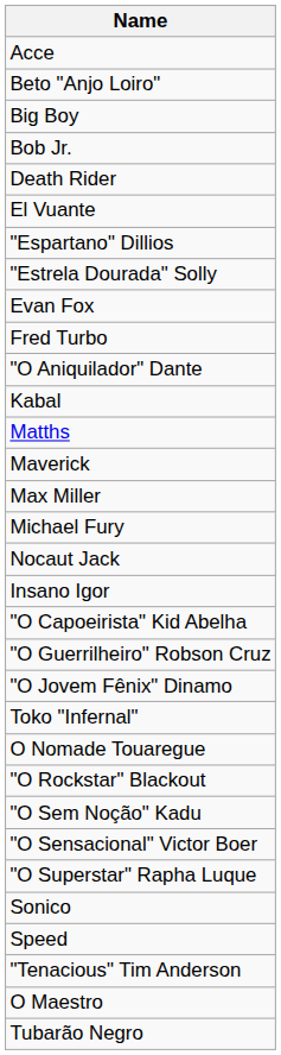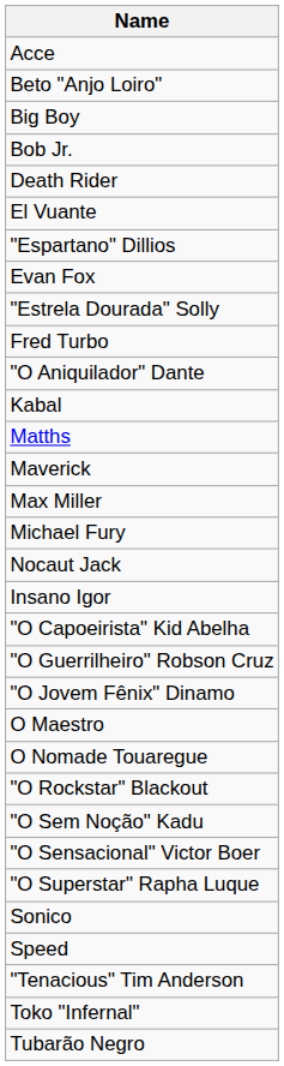 <table class="wikitable">
 <tr>
 <th>Name</th>
 </tr>
 <tr>
 <td>Acce</td>
 </tr>
 <tr>
 <td>Beto "Anjo Loiro"</td>
 </tr>
 <tr>
 <td>Big Boy</td>
 </tr>
 <tr>
 <td>Bob Jr.</td>
 </tr>
 <tr>
 <td>Death Rider</td>
 </tr>
 <tr>
 <td>El Vuante</td>
 </tr>
 <tr>
 <td>"Espartano" Dillios</td>
 </tr>
 <tr>
-<td>"Estrela Dourada" Solly</td>
+<td>Evan Fox</td>
 </tr>
 <tr>
-<td>Evan Fox</td>
+<td>"Estrela Dourada" Solly</td>
 </tr>
 <tr>
 <td>Fred Turbo</td>
 </tr>
 <tr>
 <td>"O Aniquilador" Dante</td>
 </tr>
 <tr>
 <td>Kabal</td>
 </tr>
 <tr>
 <td><a href='#'>Matths</a></td>
 </tr>
 <tr>
 <td>Maverick</td>
 </tr>
 <tr>
 <td>Max Miller</td>
 </tr>
 <tr>
 <td>Michael Fury</td>
 </tr>
 <tr>
 <td>Nocaut Jack</td>
 </tr>
 <tr>
 <td>Insano Igor</td>
 </tr>
 <tr>
 <td>"O Capoeirista" Kid Abelha</td>
 </tr>
 <tr>
 <td>"O Guerrilheiro" Robson Cruz</td>
 </tr>
 <tr>
 <td>"O Jovem Fênix" Dinamo</td>
 </tr>
 <tr>
-<td>Toko "Infernal"</td>
+<td>O Maestro</td>
 </tr>
 <tr>
 <td>O Nomade Touaregue</td>
 </tr>
 <tr>
 <td>"O Rockstar" Blackout</td>
 </tr>
 <tr>
 <td>"O Sem Noção" Kadu</td>
 </tr>
 <tr>
 <td>"O Sensacional" Victor Boer</td>
 </tr>
 <tr>
 <td>"O Superstar" Rapha Luque</td>
 </tr>
 <tr>
 <td>Sonico</td>
 </tr>
 <tr>
 <td>Speed</td>
 </tr>
 <tr>
 <td>"Tenacious" Tim Anderson</td>
 </tr>
 <tr>
-<td>O Maestro</td>
+<td>Toko "Infernal"</td>
 </tr>
 <tr>
 <td>Tubarão Negro</td>
 </tr>
 </table>
